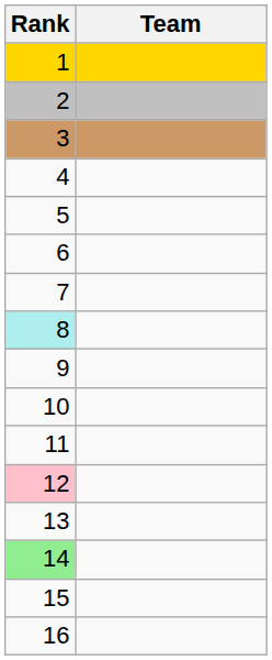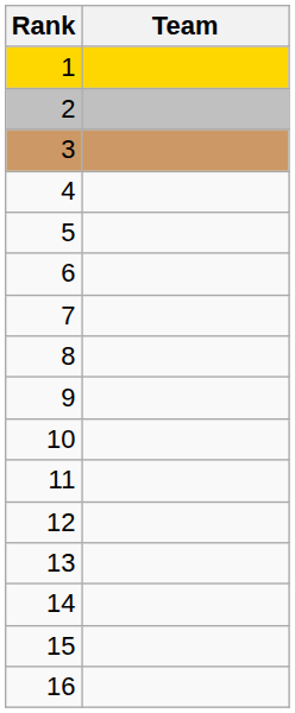 <table class=wikitable>
 <tr>
 <th width=20>Rank</th>
 <th width=120>Team</th>
 </tr>
 <tr bgcolor=gold>
 <td align=right>1</td>
 <td></td>
 </tr>
 <tr bgcolor=silver>
 <td align=right>2</td>
 <td></td>
 </tr>
 <tr bgcolor=#c96>
 <td align=right>3</td>
 <td></td>
 </tr>
 <tr>
 <td align=right>4</td>
 <td></td>
 </tr>
 <tr>
 <td align=right>5</td>
 <td></td>
 </tr>
 <tr>
 <td align=right>6</td>
 <td></td>
 </tr>
 <tr>
 <td align=right>7</td>
 <td></td>
 </tr>
 <tr>
-<td align=right style="background: paleturquoise;">8</td>
+<td align=right>8</td>
 <td></td>
 </tr>
 <tr>
 <td align=right>9</td>
 <td></td>
 </tr>
 <tr>
 <td align=right>10</td>
 <td></td>
 </tr>
 <tr>
 <td align=right>11</td>
 <td></td>
 </tr>
 <tr>
-<td align=right style="background: pink;">12</td>
+<td align=right>12</td>
 <td></td>
 </tr>
 <tr>
 <td align=right>13</td>
 <td></td>
 </tr>
 <tr>
-<td align=right style="background: lightgreen;">14</td>
+<td align=right>14</td>
 <td></td>
 </tr>
 <tr>
 <td align=right>15</td>
 <td></td>
 </tr>
 <tr>
 <td align=right>16</td>
 <td></td>
 </tr>
 </table>
